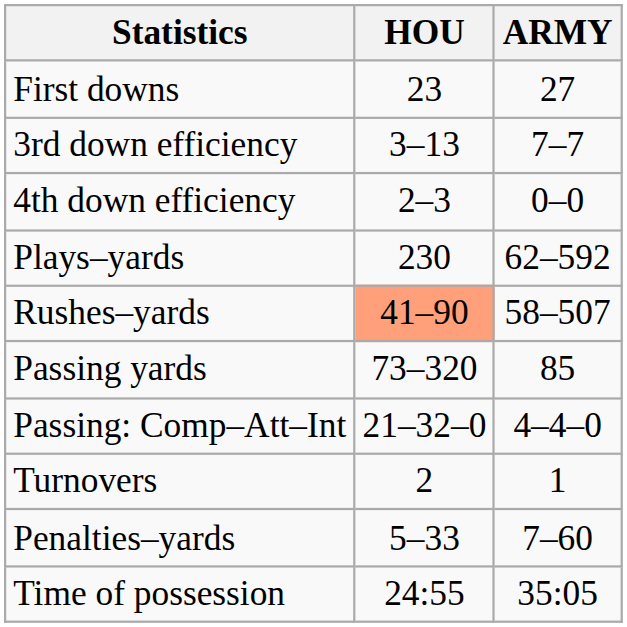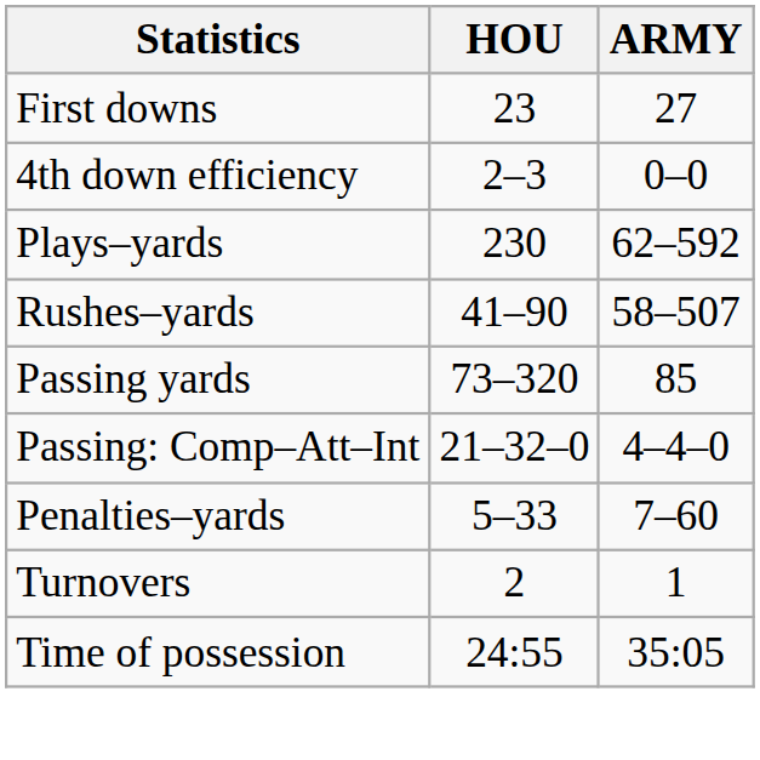 <table class="wikitable">
 <tr>
 <th>Statistics</th>
 <th>HOU</th>
 <th>ARMY</th>
 </tr>
 <tr>
 <td>First downs</td>
 <td align=center>23</td>
 <td align=center>27</td>
-</tr>
-<tr>
-<td>3rd down efficiency</td>
-<td align=center>3–13</td>
-<td align=center>7–7</td>
 </tr>
 <tr>
 <td>4th down efficiency</td>
 <td align=center>2–3</td>
 <td align=center>0–0</td>
 </tr>
 <tr>
 <td>Plays–yards</td>
 <td align=center>230</td>
 <td align=center>62–592</td>
 </tr>
 <tr>
 <td>Rushes–yards</td>
-<td align=center style="background: lightsalmon;">41–90</td>
+<td align=center>41–90</td>
 <td align=center>58–507</td>
 </tr>
 <tr>
 <td>Passing yards</td>
 <td align=center>73–320</td>
 <td align=center>85</td>
 </tr>
 <tr>
 <td>Passing: Comp–Att–Int</td>
 <td align=center>21–32–0</td>
 <td align=center>4–4–0</td>
 </tr>
 <tr>
+<td>Penalties–yards</td>
+<td align=center>5–33</td>
+<td align=center>7–60</td>
+</tr>
+<tr>
 <td>Turnovers</td>
 <td align=center>2</td>
 <td align=center>1</td>
-</tr>
-<tr>
-<td>Penalties–yards</td>
-<td align=center>5–33</td>
-<td align=center>7–60</td>
 </tr>
 <tr>
 <td>Time of possession</td>
 <td align=center>24:55</td>
 <td align=center>35:05</td>
 </tr>
 </table>
